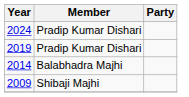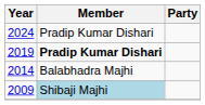 <table class="wikitable sortable">
 <tr>
 <th>Year</th>
 <th>Member</th>
 <th colspan="2">Party</th>
 </tr>
 <tr>
 <td><a href='#'>2024</a></td>
 <td>Pradip Kumar Dishari</td>
 <td></td>
 </tr>
 <tr>
 <td><a href='#'>2019</a></td>
-<td>Pradip Kumar Dishari</td>
+<td><strong>Pradip Kumar Dishari</strong></td>
 <td></td>
 </tr>
 <tr>
 <td><a href='#'>2014</a></td>
 <td>Balabhadra Majhi</td>
 <td></td>
 </tr>
 <tr>
 <td><a href='#'>2009</a></td>
-<td>Shibaji Majhi</td>
+<td style="background: lightblue;">Shibaji Majhi</td>
 <td></td>
 </tr>
 <tr>
 </tr>
 </table>
